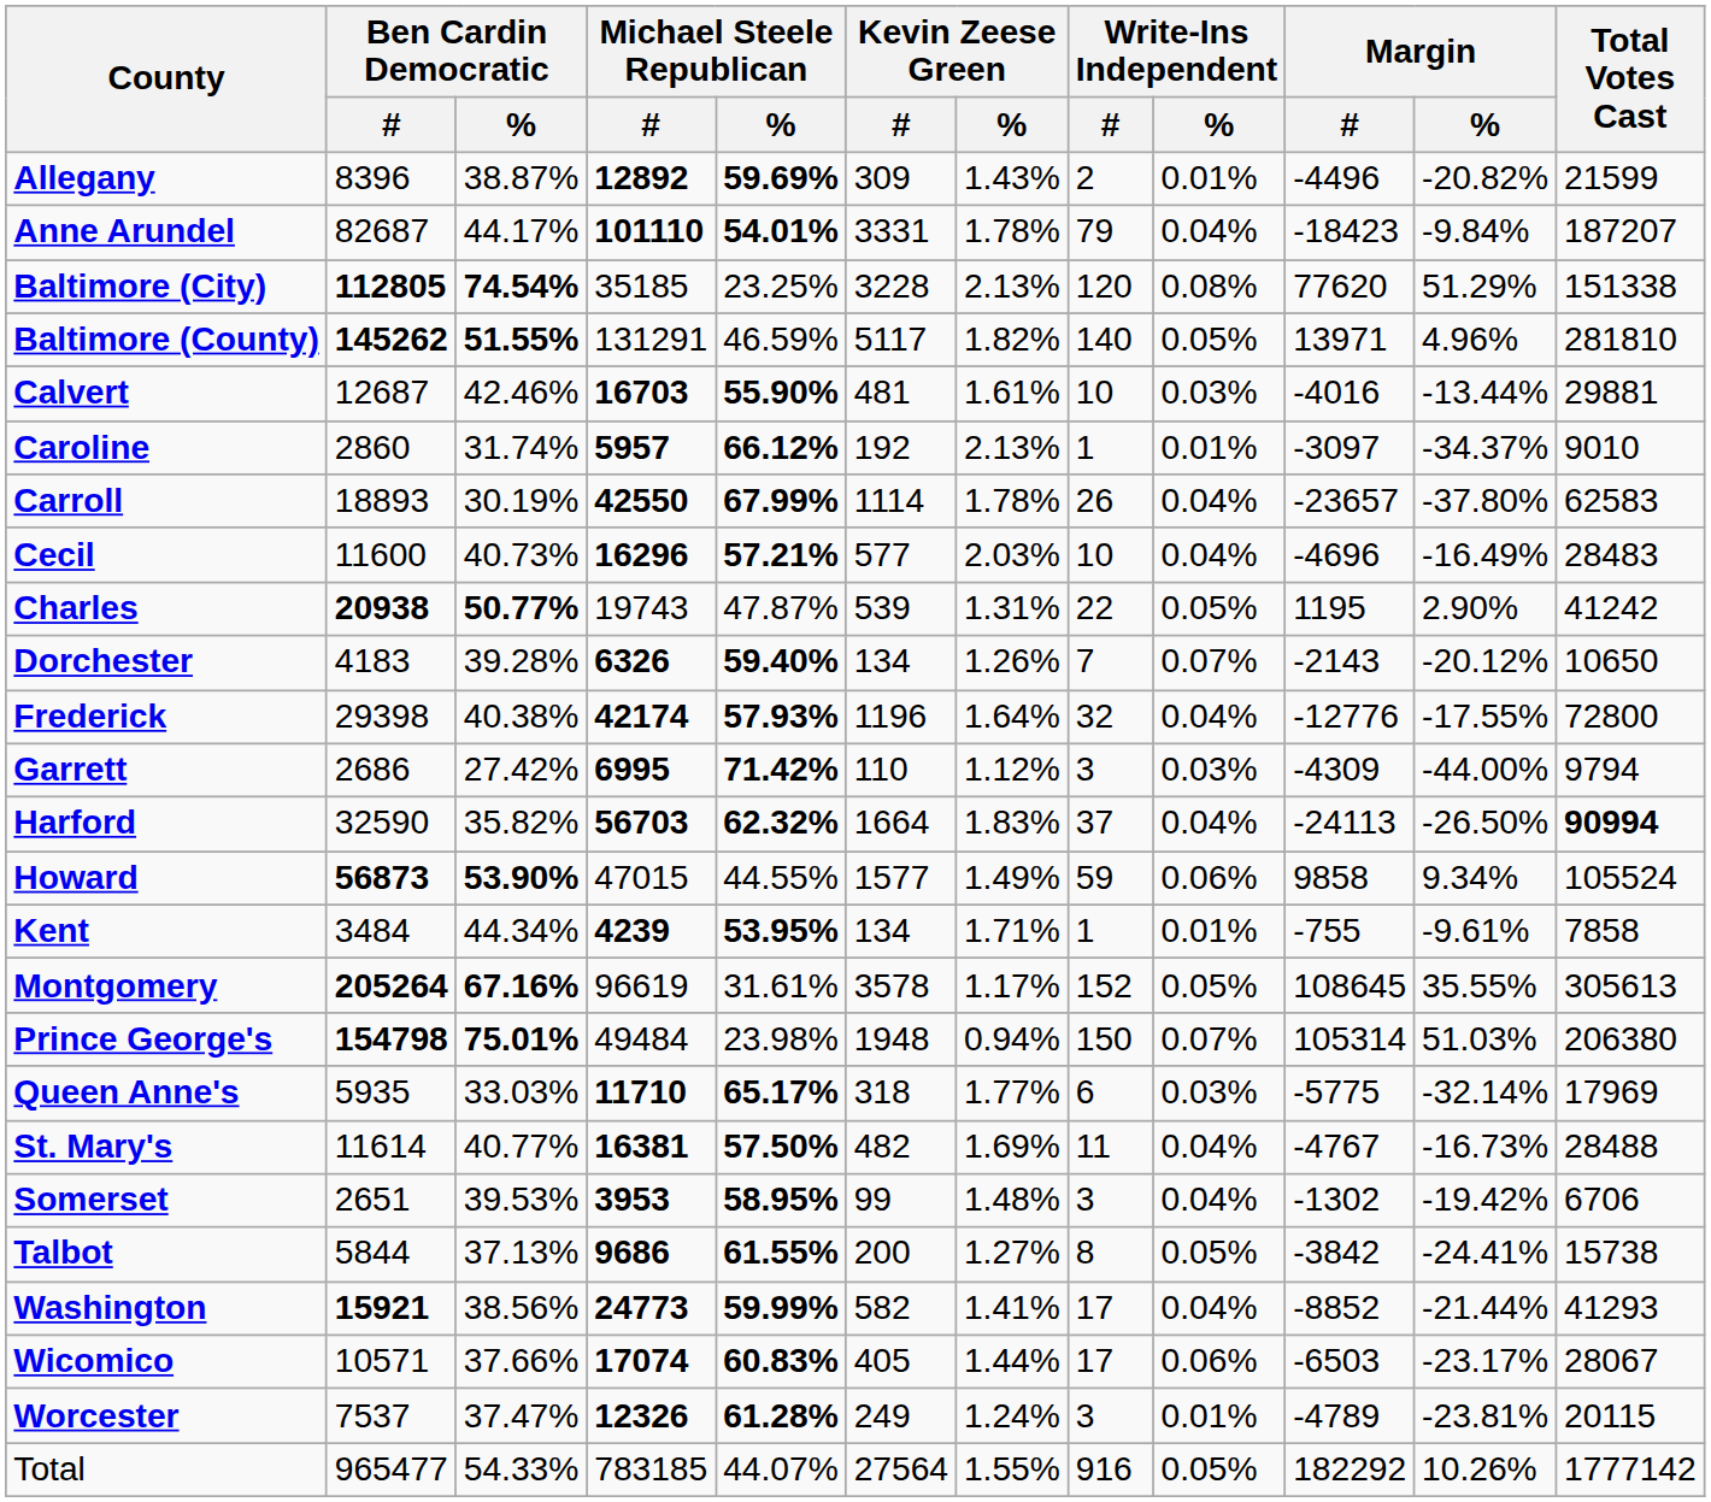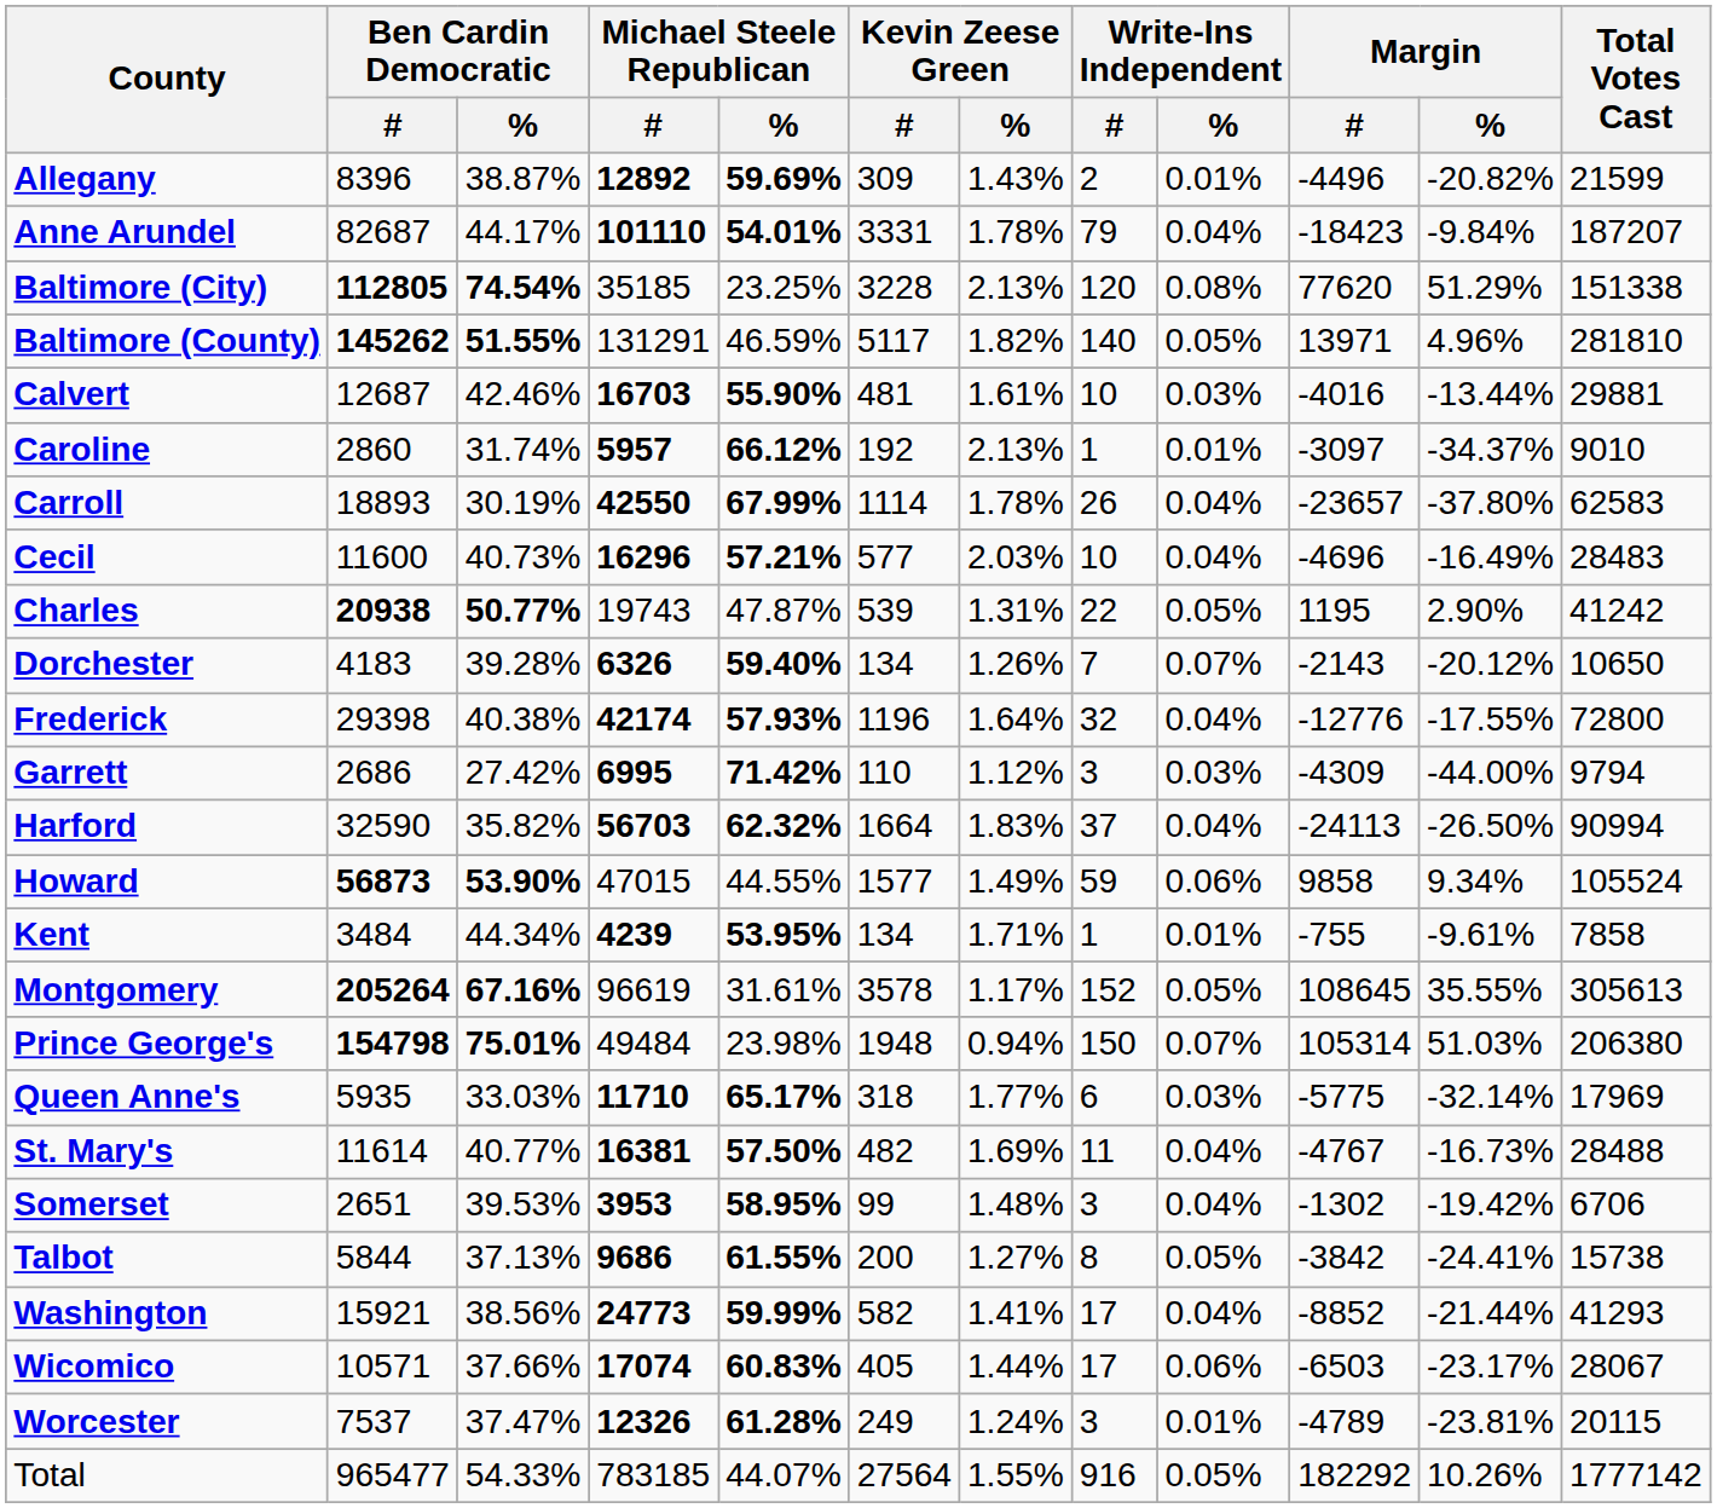 <table class="wikitable sortable">
 <tr>
 <th rowspan="2">County</th>
 <th colspan="2" >Ben Cardin<br>Democratic</th>
 <th colspan="2" >Michael Steele<br>Republican</th>
 <th colspan="2" >Kevin Zeese<br>Green</th>
 <th colspan="2" >Write-Ins<br>Independent</th>
 <th colspan="2">Margin</th>
 <th rowspan="2">Total<br>Votes<br>Cast</th>
 </tr>
 <tr>
 <th>#</th>
 <th>%</th>
 <th>#</th>
 <th>%</th>
 <th>#</th>
 <th>%</th>
 <th>#</th>
 <th>%</th>
 <th>#</th>
 <th>%</th>
 </tr>
 <tr>
 <td><strong><a href='#'>Allegany</a></strong></td>
 <td>8396</td>
 <td>38.87%</td>
 <td><strong>12892</strong></td>
 <td><strong>59.69%</strong></td>
 <td>309</td>
 <td>1.43%</td>
 <td>2</td>
 <td>0.01%</td>
 <td>-4496</td>
 <td>-20.82%</td>
 <td>21599</td>
 </tr>
 <tr>
 <td><strong><a href='#'>Anne Arundel</a></strong></td>
 <td>82687</td>
 <td>44.17%</td>
 <td><strong>101110</strong></td>
 <td><strong>54.01%</strong></td>
 <td>3331</td>
 <td>1.78%</td>
 <td>79</td>
 <td>0.04%</td>
 <td>-18423</td>
 <td>-9.84%</td>
 <td>187207</td>
 </tr>
 <tr>
 <td><strong><a href='#'>Baltimore (City)</a></strong></td>
 <td><strong>112805</strong></td>
 <td><strong>74.54%</strong></td>
 <td>35185</td>
 <td>23.25%</td>
 <td>3228</td>
 <td>2.13%</td>
 <td>120</td>
 <td>0.08%</td>
 <td>77620</td>
 <td>51.29%</td>
 <td>151338</td>
 </tr>
 <tr>
 <td><strong><a href='#'>Baltimore (County)</a></strong></td>
 <td><strong>145262</strong></td>
 <td><strong>51.55%</strong></td>
 <td>131291</td>
 <td>46.59%</td>
 <td>5117</td>
 <td>1.82%</td>
 <td>140</td>
 <td>0.05%</td>
 <td>13971</td>
 <td>4.96%</td>
 <td>281810</td>
 </tr>
 <tr>
 <td><strong><a href='#'>Calvert</a></strong></td>
 <td>12687</td>
 <td>42.46%</td>
 <td><strong>16703</strong></td>
 <td><strong>55.90%</strong></td>
 <td>481</td>
 <td>1.61%</td>
 <td>10</td>
 <td>0.03%</td>
 <td>-4016</td>
 <td>-13.44%</td>
 <td>29881</td>
 </tr>
 <tr>
 <td><strong><a href='#'>Caroline</a></strong></td>
 <td>2860</td>
 <td>31.74%</td>
 <td><strong>5957</strong></td>
 <td><strong>66.12%</strong></td>
 <td>192</td>
 <td>2.13%</td>
 <td>1</td>
 <td>0.01%</td>
 <td>-3097</td>
 <td>-34.37%</td>
 <td>9010</td>
 </tr>
 <tr>
 <td><strong><a href='#'>Carroll</a></strong></td>
 <td>18893</td>
 <td>30.19%</td>
 <td><strong>42550</strong></td>
 <td><strong>67.99%</strong></td>
 <td>1114</td>
 <td>1.78%</td>
 <td>26</td>
 <td>0.04%</td>
 <td>-23657</td>
 <td>-37.80%</td>
 <td>62583</td>
 </tr>
 <tr>
 <td><strong><a href='#'>Cecil</a></strong></td>
 <td>11600</td>
 <td>40.73%</td>
 <td><strong>16296</strong></td>
 <td><strong>57.21%</strong></td>
 <td>577</td>
 <td>2.03%</td>
 <td>10</td>
 <td>0.04%</td>
 <td>-4696</td>
 <td>-16.49%</td>
 <td>28483</td>
 </tr>
 <tr>
 <td><strong><a href='#'>Charles</a></strong></td>
 <td><strong>20938</strong></td>
 <td><strong>50.77%</strong></td>
 <td>19743</td>
 <td>47.87%</td>
 <td>539</td>
 <td>1.31%</td>
 <td>22</td>
 <td>0.05%</td>
 <td>1195</td>
 <td>2.90%</td>
 <td>41242</td>
 </tr>
 <tr>
 <td><strong><a href='#'>Dorchester</a></strong></td>
 <td>4183</td>
 <td>39.28%</td>
 <td><strong>6326</strong></td>
 <td><strong>59.40%</strong></td>
 <td>134</td>
 <td>1.26%</td>
 <td>7</td>
 <td>0.07%</td>
 <td>-2143</td>
 <td>-20.12%</td>
 <td>10650</td>
 </tr>
 <tr>
 <td><strong><a href='#'>Frederick</a></strong></td>
 <td>29398</td>
 <td>40.38%</td>
 <td><strong>42174</strong></td>
 <td><strong>57.93%</strong></td>
 <td>1196</td>
 <td>1.64%</td>
 <td>32</td>
 <td>0.04%</td>
 <td>-12776</td>
 <td>-17.55%</td>
 <td>72800</td>
 </tr>
 <tr>
 <td><strong><a href='#'>Garrett</a></strong></td>
 <td>2686</td>
 <td>27.42%</td>
 <td><strong>6995</strong></td>
 <td><strong>71.42%</strong></td>
 <td>110</td>
 <td>1.12%</td>
 <td>3</td>
 <td>0.03%</td>
 <td>-4309</td>
 <td>-44.00%</td>
 <td>9794</td>
 </tr>
 <tr>
 <td><strong><a href='#'>Harford</a></strong></td>
 <td>32590</td>
 <td>35.82%</td>
 <td><strong>56703</strong></td>
 <td><strong>62.32%</strong></td>
 <td>1664</td>
 <td>1.83%</td>
 <td>37</td>
 <td>0.04%</td>
 <td>-24113</td>
 <td>-26.50%</td>
-<td><strong>90994</strong></td>
+<td>90994</td>
 </tr>
 <tr>
 <td><strong><a href='#'>Howard</a></strong></td>
 <td><strong>56873</strong></td>
 <td><strong>53.90%</strong></td>
 <td>47015</td>
 <td>44.55%</td>
 <td>1577</td>
 <td>1.49%</td>
 <td>59</td>
 <td>0.06%</td>
 <td>9858</td>
 <td>9.34%</td>
 <td>105524</td>
 </tr>
 <tr>
 <td><strong><a href='#'>Kent</a></strong></td>
 <td>3484</td>
 <td>44.34%</td>
 <td><strong>4239</strong></td>
 <td><strong>53.95%</strong></td>
 <td>134</td>
 <td>1.71%</td>
 <td>1</td>
 <td>0.01%</td>
 <td>-755</td>
 <td>-9.61%</td>
 <td>7858</td>
 </tr>
 <tr>
 <td><strong><a href='#'>Montgomery</a></strong></td>
 <td><strong>205264</strong></td>
 <td><strong>67.16%</strong></td>
 <td>96619</td>
 <td>31.61%</td>
 <td>3578</td>
 <td>1.17%</td>
 <td>152</td>
 <td>0.05%</td>
 <td>108645</td>
 <td>35.55%</td>
 <td>305613</td>
 </tr>
 <tr>
 <td><strong><a href='#'>Prince George's</a></strong></td>
 <td><strong>154798</strong></td>
 <td><strong>75.01%</strong></td>
 <td>49484</td>
 <td>23.98%</td>
 <td>1948</td>
 <td>0.94%</td>
 <td>150</td>
 <td>0.07%</td>
 <td>105314</td>
 <td>51.03%</td>
 <td>206380</td>
 </tr>
 <tr>
 <td><strong><a href='#'>Queen Anne's</a></strong></td>
 <td>5935</td>
 <td>33.03%</td>
 <td><strong>11710</strong></td>
 <td><strong>65.17%</strong></td>
 <td>318</td>
 <td>1.77%</td>
 <td>6</td>
 <td>0.03%</td>
 <td>-5775</td>
 <td>-32.14%</td>
 <td>17969</td>
 </tr>
 <tr>
 <td><strong><a href='#'>St. Mary's</a></strong></td>
 <td>11614</td>
 <td>40.77%</td>
 <td><strong>16381</strong></td>
 <td><strong>57.50%</strong></td>
 <td>482</td>
 <td>1.69%</td>
 <td>11</td>
 <td>0.04%</td>
 <td>-4767</td>
 <td>-16.73%</td>
 <td>28488</td>
 </tr>
 <tr>
 <td><strong><a href='#'>Somerset</a></strong></td>
 <td>2651</td>
 <td>39.53%</td>
 <td><strong>3953</strong></td>
 <td><strong>58.95%</strong></td>
 <td>99</td>
 <td>1.48%</td>
 <td>3</td>
 <td>0.04%</td>
 <td>-1302</td>
 <td>-19.42%</td>
 <td>6706</td>
 </tr>
 <tr>
 <td><strong><a href='#'>Talbot</a></strong></td>
 <td>5844</td>
 <td>37.13%</td>
 <td><strong>9686</strong></td>
 <td><strong>61.55%</strong></td>
 <td>200</td>
 <td>1.27%</td>
 <td>8</td>
 <td>0.05%</td>
 <td>-3842</td>
 <td>-24.41%</td>
 <td>15738</td>
 </tr>
 <tr>
 <td><strong><a href='#'>Washington</a></strong></td>
-<td><strong>15921</strong></td>
+<td>15921</td>
 <td>38.56%</td>
 <td><strong>24773</strong></td>
 <td><strong>59.99%</strong></td>
 <td>582</td>
 <td>1.41%</td>
 <td>17</td>
 <td>0.04%</td>
 <td>-8852</td>
 <td>-21.44%</td>
 <td>41293</td>
 </tr>
 <tr>
 <td><strong><a href='#'>Wicomico</a></strong></td>
 <td>10571</td>
 <td>37.66%</td>
 <td><strong>17074</strong></td>
 <td><strong>60.83%</strong></td>
 <td>405</td>
 <td>1.44%</td>
 <td>17</td>
 <td>0.06%</td>
 <td>-6503</td>
 <td>-23.17%</td>
 <td>28067</td>
 </tr>
 <tr>
 <td><strong><a href='#'>Worcester</a></strong></td>
 <td>7537</td>
 <td>37.47%</td>
 <td><strong>12326</strong></td>
 <td><strong>61.28%</strong></td>
 <td>249</td>
 <td>1.24%</td>
 <td>3</td>
 <td>0.01%</td>
 <td>-4789</td>
 <td>-23.81%</td>
 <td>20115</td>
 </tr>
 <tr>
 <td>Total</td>
 <td>965477</td>
 <td>54.33%</td>
 <td>783185</td>
 <td>44.07%</td>
 <td>27564</td>
 <td>1.55%</td>
 <td>916</td>
 <td>0.05%</td>
 <td>182292</td>
 <td>10.26%</td>
 <td>1777142</td>
 </tr>
 </table>
